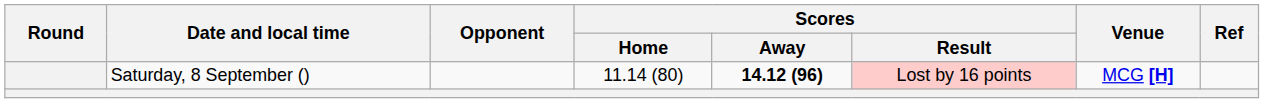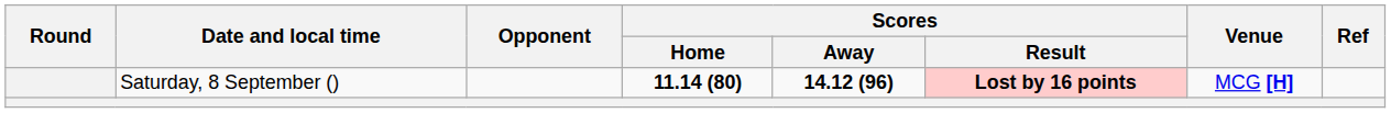 <table class="wikitable plainrowheaders" style="font-size:90%; width:80%; text-align:center; margin:1em auto;">
 <tr>
 <th scope="col" rowspan=2>Round</th>
 <th scope="col" rowspan=2>Date and local time</th>
 <th scope="col" rowspan=2>Opponent</th>
 <th scope="col" colspan=3>Scores</th>
 <th scope="col" rowspan=2>Venue</th>
 <th scope="col" rowspan=2>Ref</th>
 </tr>
 <tr>
 <th scope="col">Home</th>
 <th scope="col">Away</th>
 <th scope="col">Result</th>
 </tr>
 <tr>
 <th scope="row"></th>
 <td align=left>Saturday, 8 September ()</td>
 <td align=left></td>
-<td>11.14 (80)</td>
+<td><strong>11.14 (80)</strong></td>
 <td><strong>14.12 (96)</strong></td>
-<td style="background:#fcc;">Lost by 16 points</td>
+<td style="background:#fcc;"><strong>Lost by 16 points</strong></td>
 <td><a href='#'>MCG</a> <span></span><a href='#'><strong>[H]</strong></a></td>
 <td></td>
 </tr>
 <tr class="sortbottom">
 <th scope="row" colspan=8></th>
 </tr>
 </table>
